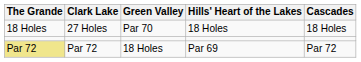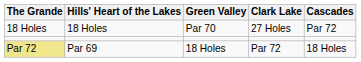 <table class="wikitable">
 <tr>
 <th>The Grande</th>
+<th>Hills' Heart of the Lakes</th>
+<th>Green Valley</th>
 <th>Clark Lake</th>
-<th>Green Valley</th>
-<th>Hills' Heart of the Lakes</th>
 <th>Cascades</th>
 </tr>
 <tr>
 <td>18 Holes</td>
+<td>18 Holes</td>
+<td>Par 70</td>
 <td>27 Holes</td>
-<td>Par 70</td>
-<td>18 Holes</td>
-<td>18 Holes</td>
+<td>Par 72</td>
 </tr>
 <tr>
 <td></td>
 <td></td>
 <td></td>
 <td></td>
 <td></td>
 </tr>
 <tr>
 <td style="background: khaki;">Par 72</td>
+<td>Par 69</td>
+<td>18 Holes</td>
 <td>Par 72</td>
 <td>18 Holes</td>
-<td>Par 69</td>
-<td>Par 72</td>
 </tr>
 </table>
